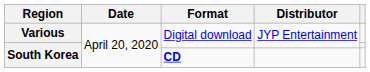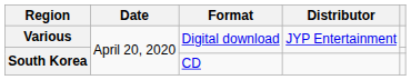 <table class="wikitable plainrowheaders">
 <tr>
 <th>Region</th>
 <th>Date</th>
 <th>Format</th>
 <th>Distributor</th>
 <th></th>
 </tr>
 <tr>
 <th scope="row">Various</th>
 <td rowspan="3">April 20, 2020</td>
 <td rowspan="2"><a href='#'>Digital download</a></td>
 <td rowspan="2"><a href='#'>JYP Entertainment</a></td>
 <td></td>
 </tr>
 <tr>
 <th scope="row" rowspan="2">South Korea</th>
 <td></td>
 </tr>
 <tr>
-<td><strong><a href='#'>CD</a></strong></td>
+<td><a href='#'>CD</a></td>
 <td></td>
 <td></td>
 </tr>
 </table>
